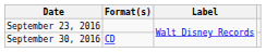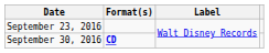 <table class="wikitable plainrowheaders">
 <tr>
 <th scope="col">Date</th>
 <th scope="col">Format(s)</th>
 <th scope="col">Label</th>
 <th scope="col"></th>
 </tr>
 <tr>
 <td>September 23, 2016</td>
 <td></td>
 <td rowspan="2"><a href='#'>Walt Disney Records</a></td>
 <td align="center"></td>
 </tr>
 <tr>
 <td>September 30, 2016</td>
-<td><a href='#'>CD</a></td>
+<td><strong><a href='#'>CD</a></strong></td>
 <td align="center"></td>
 </tr>
 </table>
